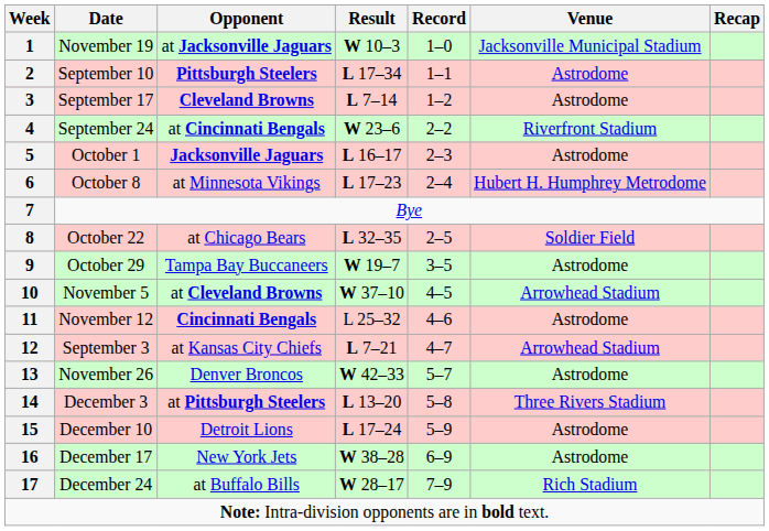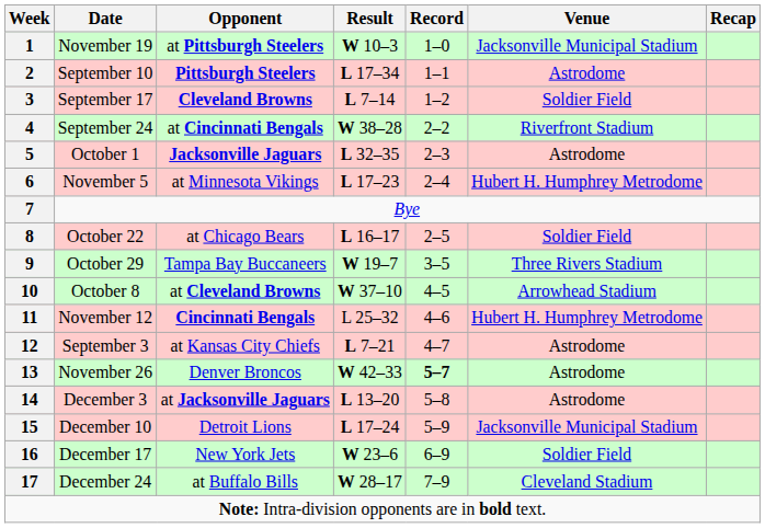 <table class="wikitable" style="text-align:center">
 <tr>
 <th>Week</th>
 <th>Date</th>
 <th>Opponent</th>
 <th>Result</th>
 <th>Record</th>
 <th>Venue</th>
 <th>Recap</th>
 </tr>
 <tr style="background:#cfc">
 <th>1</th>
 <td>November 19</td>
-<td>at <strong><a href='#'>Jacksonville Jaguars</a></strong></td>
+<td>at <strong><a href='#'>Pittsburgh Steelers</a></strong></td>
 <td><strong>W</strong> 10–3</td>
 <td>1–0</td>
 <td><a href='#'>Jacksonville Municipal Stadium</a></td>
 <td></td>
 </tr>
 <tr style="background:#fcc">
 <th>2</th>
 <td>September 10</td>
 <td><strong><a href='#'>Pittsburgh Steelers</a></strong></td>
 <td><strong>L</strong> 17–34</td>
 <td>1–1</td>
 <td><a href='#'>Astrodome</a></td>
 <td></td>
 </tr>
 <tr style="background:#fcc">
 <th>3</th>
 <td>September 17</td>
 <td><strong><a href='#'>Cleveland Browns</a></strong></td>
 <td><strong>L</strong> 7–14</td>
 <td>1–2</td>
-<td>Astrodome</td>
+<td><a href='#'>Soldier Field</a></td>
 <td></td>
 </tr>
 <tr style="background:#cfc">
 <th>4</th>
 <td>September 24</td>
 <td>at <strong><a href='#'>Cincinnati Bengals</a></strong></td>
-<td><strong>W</strong> 23–6</td>
+<td><strong>W</strong> 38–28</td>
 <td>2–2</td>
 <td><a href='#'>Riverfront Stadium</a></td>
 <td></td>
 </tr>
 <tr style="background:#fcc">
 <th>5</th>
 <td>October 1</td>
 <td><strong><a href='#'>Jacksonville Jaguars</a></strong></td>
-<td><strong>L</strong> 16–17</td>
+<td><strong>L</strong> 32–35</td>
 <td>2–3</td>
 <td>Astrodome</td>
 <td></td>
 </tr>
 <tr style="background:#fcc">
 <th>6</th>
-<td>October 8</td>
+<td>November 5</td>
 <td>at <a href='#'>Minnesota Vikings</a></td>
 <td><strong>L</strong> 17–23 </td>
 <td>2–4</td>
 <td><a href='#'>Hubert H. Humphrey Metrodome</a></td>
 <td></td>
 </tr>
 <tr>
 <th>7</th>
 <td colspan=6 align="center"><em><a href='#'>Bye</a></em></td>
 </tr>
 <tr style="background:#fcc">
 <th>8</th>
 <td>October 22</td>
 <td>at <a href='#'>Chicago Bears</a></td>
-<td><strong>L</strong> 32–35</td>
+<td><strong>L</strong> 16–17</td>
 <td>2–5</td>
 <td><a href='#'>Soldier Field</a></td>
 <td></td>
 </tr>
 <tr style="background:#cfc">
 <th>9</th>
 <td>October 29</td>
 <td><a href='#'>Tampa Bay Buccaneers</a></td>
 <td><strong>W</strong> 19–7</td>
 <td>3–5</td>
-<td>Astrodome</td>
+<td><a href='#'>Three Rivers Stadium</a></td>
 <td></td>
 </tr>
 <tr style="background:#cfc">
 <th>10</th>
-<td>November 5</td>
+<td>October 8</td>
 <td>at <strong><a href='#'>Cleveland Browns</a></strong></td>
 <td><strong>W</strong> 37–10</td>
 <td>4–5</td>
 <td><a href='#'>Arrowhead Stadium</a></td>
 <td></td>
 </tr>
 <tr style="background:#fcc">
 <th>11</th>
 <td>November 12</td>
 <td><strong><a href='#'>Cincinnati Bengals</a></strong></td>
 <td>L 25–32</td>
 <td>4–6</td>
-<td>Astrodome</td>
+<td><a href='#'>Hubert H. Humphrey Metrodome</a></td>
 <td></td>
 </tr>
 <tr style="background:#fcc">
 <th>12</th>
 <td>September 3</td>
 <td>at <a href='#'>Kansas City Chiefs</a></td>
 <td><strong>L</strong> 7–21</td>
 <td>4–7</td>
-<td><a href='#'>Arrowhead Stadium</a></td>
+<td>Astrodome</td>
 <td></td>
 </tr>
 <tr style="background:#cfc">
 <th>13</th>
 <td>November 26</td>
 <td><a href='#'>Denver Broncos</a></td>
 <td><strong>W</strong> 42–33</td>
-<td>5–7</td>
+<td><strong>5–7</strong></td>
 <td>Astrodome</td>
 <td></td>
 </tr>
 <tr style="background:#fcc">
 <th>14</th>
 <td>December 3</td>
-<td>at <strong><a href='#'>Pittsburgh Steelers</a></strong></td>
+<td>at <strong><a href='#'>Jacksonville Jaguars</a></strong></td>
 <td><strong>L</strong> 13–20</td>
 <td>5–8</td>
-<td><a href='#'>Three Rivers Stadium</a></td>
+<td>Astrodome</td>
 <td></td>
 </tr>
 <tr style="background:#fcc">
 <th>15</th>
 <td>December 10</td>
 <td><a href='#'>Detroit Lions</a></td>
 <td><strong>L</strong> 17–24</td>
 <td>5–9</td>
-<td>Astrodome</td>
+<td><a href='#'>Jacksonville Municipal Stadium</a></td>
 <td></td>
 </tr>
 <tr style="background:#cfc">
 <th>16</th>
 <td>December 17</td>
 <td><a href='#'>New York Jets</a></td>
-<td><strong>W</strong> 38–28</td>
+<td><strong>W</strong> 23–6</td>
 <td>6–9</td>
-<td>Astrodome</td>
+<td><a href='#'>Soldier Field</a></td>
 <td></td>
 </tr>
 <tr style="background:#cfc">
 <th>17</th>
 <td>December 24</td>
 <td>at <a href='#'>Buffalo Bills</a></td>
 <td><strong>W</strong> 28–17</td>
 <td>7–9</td>
-<td><a href='#'>Rich Stadium</a></td>
+<td><a href='#'>Cleveland Stadium</a></td>
 <td></td>
 </tr>
 <tr>
 <td colspan="8"><strong>Note:</strong> Intra-division opponents are in <strong>bold</strong> text.</td>
 </tr>
 </table>
